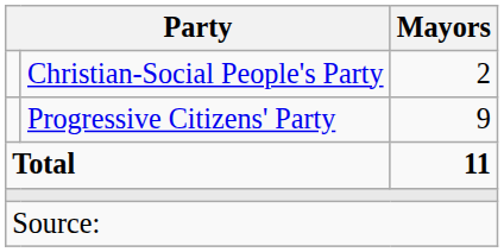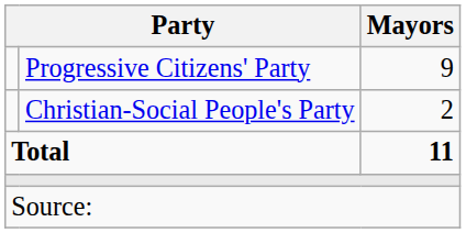 <table class="wikitable" style="text-align:right">
 <tr>
 <th colspan="2">Party</th>
 <th>Mayors</th>
 </tr>
 <tr>
 <td width="1"></td>
-<td align="left"><a href='#'>Christian-Social People's Party</a></td>
-<td>2</td>
+<td align="left"><a href='#'>Progressive Citizens' Party</a></td>
+<td>9</td>
 </tr>
 <tr>
 <td width="1"></td>
-<td align="left"><a href='#'>Progressive Citizens' Party</a></td>
-<td>9</td>
+<td align="left"><a href='#'>Christian-Social People's Party</a></td>
+<td>2</td>
 </tr>
 <tr>
 <td colspan="2" align="left"><strong>Total</strong></td>
 <td><strong>11</strong></td>
 </tr>
 <tr>
 <td colspan="3" style="color:inherit;background:#E9E9E9"></td>
 </tr>
 <tr>
 <td colspan="3" align="left">Source: </td>
 </tr>
 </table>
